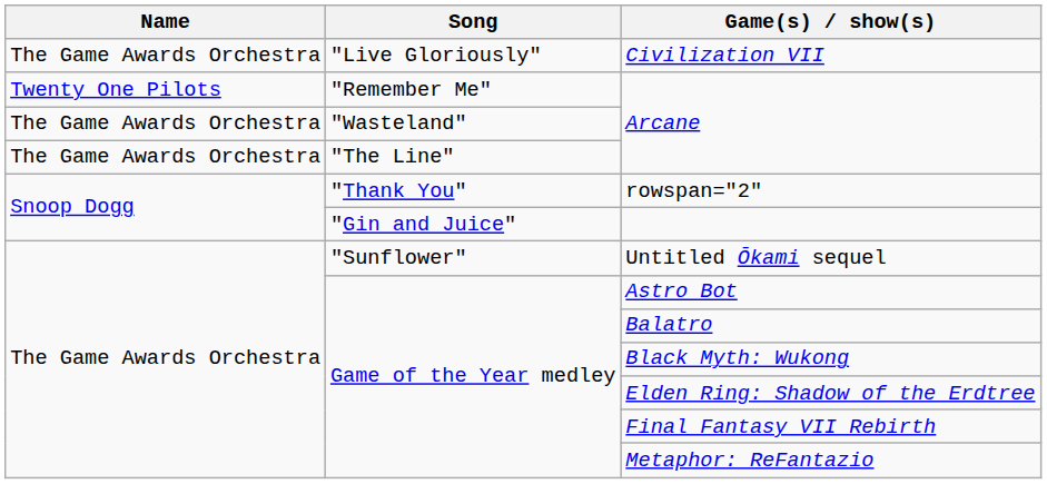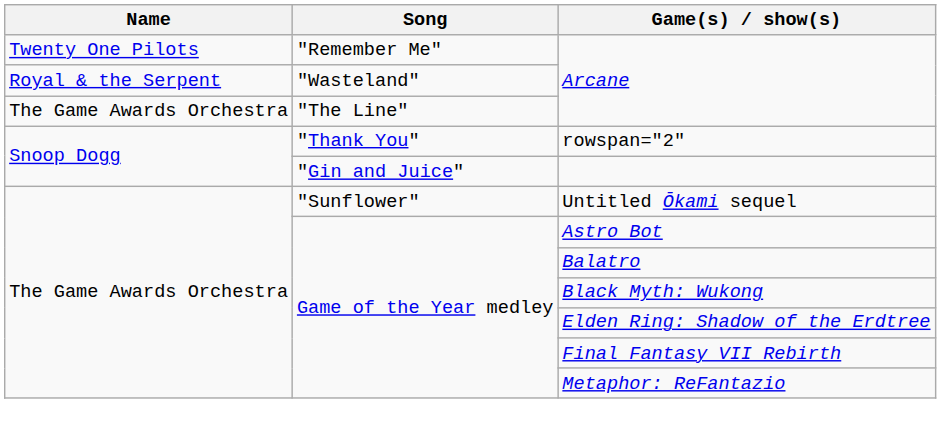 <table class="wikitable sortable">
 <tr>
 <th>Name</th>
 <th>Song</th>
 <th>Game(s) / show(s)</th>
 </tr>
 <tr>
-<td data-sort-value="Game Awards Orchestra">The Game Awards Orchestra</td>
-<td>"Live Gloriously"</td>
-<td><em><a href='#'>Civilization VII</a></em></td>
-</tr>
-<tr>
 <td><a href='#'>Twenty One Pilots</a></td>
 <td data-sort-value="Remember Me">"Remember Me"</td>
 <td rowspan="3"><em><a href='#'>Arcane</a></em></td>
 </tr>
 <tr>
-<td data-sort-value="Game Awards Orchestra">The Game Awards Orchestra</td>
+<td><a href='#'>Royal & the Serpent</a></td>
 <td data-sort-value="Wasteland">"Wasteland"</td>
 </tr>
 <tr>
 <td data-sort-value="Game Awards Orchestra">The Game Awards Orchestra</td>
 <td data-sort-value="Line">"The Line"</td>
 </tr>
 <tr>
 <td rowspan="2"><a href='#'>Snoop Dogg</a></td>
 <td data-sort-value="Thank You">"<a href='#'>Thank You</a>"</td>
 <td>rowspan="2" </td>
 </tr>
 <tr>
 <td data-sort-value="Gin and Juice">"<a href='#'>Gin and Juice</a>"</td>
 </tr>
 <tr>
 <td rowspan="7" data-sort-value="Game Awards Orchestra">The Game Awards Orchestra</td>
 <td>"Sunflower"</td>
 <td data-sort-value="Okami">Untitled <em><a href='#'>Ōkami</a></em> sequel</td>
 </tr>
 <tr>
 <td rowspan="6"><a href='#'>Game of the Year</a> medley</td>
 <td><em><a href='#'>Astro Bot</a></em></td>
 </tr>
 <tr>
 <td><em><a href='#'>Balatro</a></em></td>
 </tr>
 <tr>
 <td><em><a href='#'>Black Myth: Wukong</a></em></td>
 </tr>
 <tr>
 <td><em><a href='#'>Elden Ring: Shadow of the Erdtree</a></em></td>
 </tr>
 <tr>
 <td><em><a href='#'>Final Fantasy VII Rebirth</a></em></td>
 </tr>
 <tr>
 <td><em><a href='#'>Metaphor: ReFantazio</a></em></td>
 </tr>
 </table>
